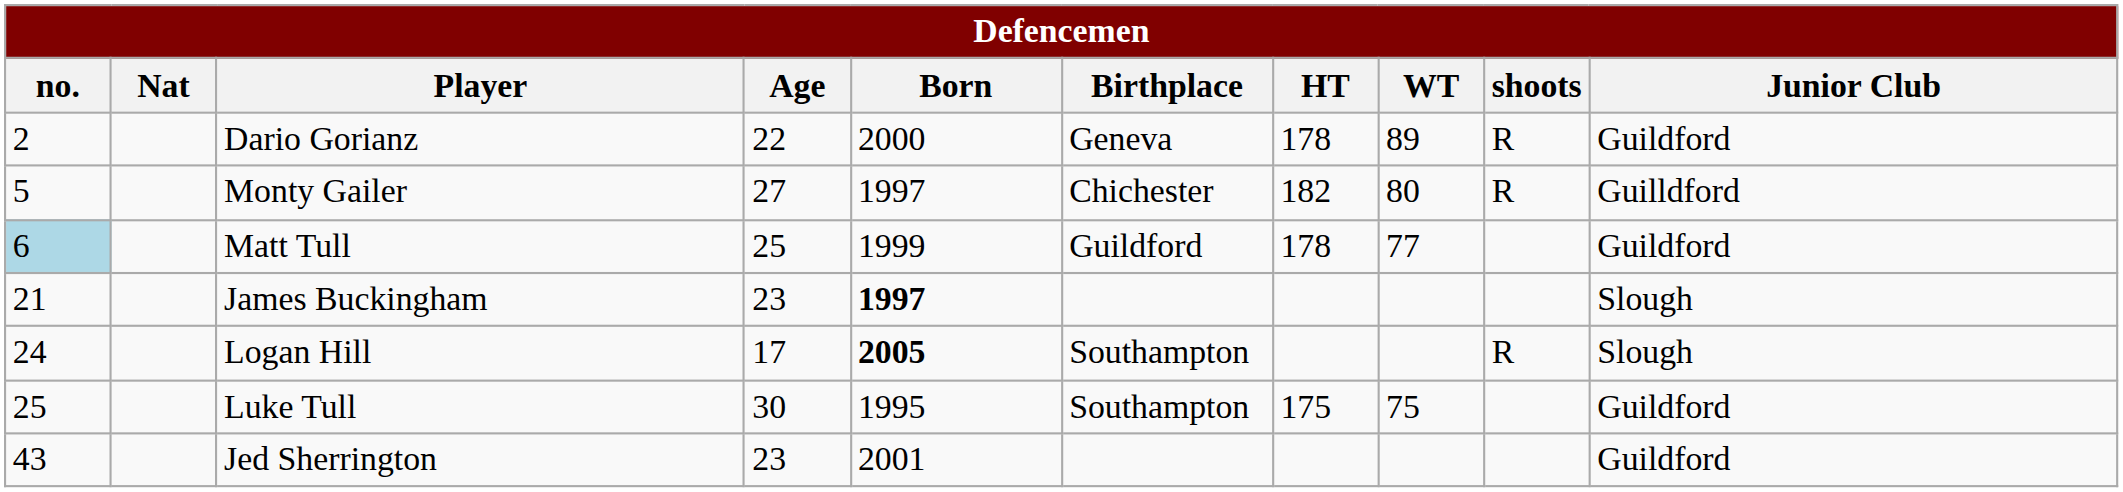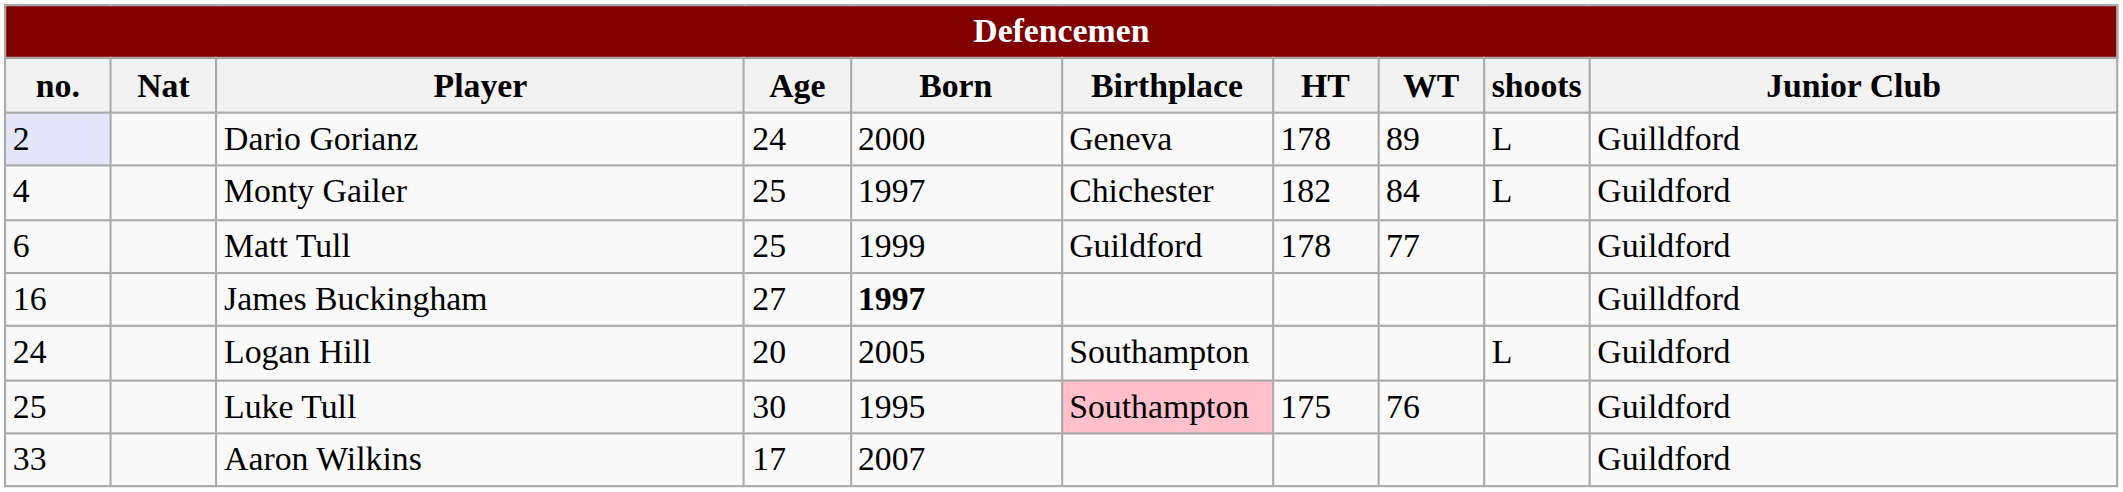 <table class="wikitable">
 <tr>
 <th colspan="10" style="background:#800000; color:white;”">Defencemen</th>
 </tr>
 <tr>
 <th width=5%>no.</th>
 <th width=5%>Nat</th>
 <th width=25%>Player</th>
 <th width=5%>Age</th>
 <th width=10%>Born</th>
 <th width=10%>Birthplace</th>
 <th width=5%>HT</th>
 <th width=5%>WT</th>
 <th width=5%>shoots</th>
 <th width=25%>Junior Club</th>
 </tr>
 <tr>
-<td>2</td>
+<td style="background: lavender;">2</td>
 <td></td>
 <td>Dario Gorianz</td>
-<td>22</td>
+<td>24</td>
 <td>2000</td>
 <td>Geneva</td>
 <td>178</td>
 <td>89</td>
-<td>R</td>
+<td>L</td>
+<td>Guilldford</td>
+</tr>
+<tr>
+<td>4</td>
+<td></td>
+<td>Monty Gailer</td>
+<td>25</td>
+<td>1997</td>
+<td>Chichester</td>
+<td>182</td>
+<td>84</td>
+<td>L</td>
 <td>Guildford</td>
 </tr>
 <tr>
-<td>5</td>
-<td></td>
-<td>Monty Gailer</td>
-<td>27</td>
-<td>1997</td>
-<td>Chichester</td>
-<td>182</td>
-<td>80</td>
-<td>R</td>
-<td>Guilldford</td>
-</tr>
-<tr>
-<td style="background: lightblue;">6</td>
+<td>6</td>
 <td></td>
 <td>Matt Tull</td>
 <td>25</td>
 <td>1999</td>
 <td>Guildford</td>
 <td>178</td>
 <td>77</td>
 <td></td>
 <td>Guildford</td>
 </tr>
 <tr>
-<td>21</td>
+<td>16</td>
 <td></td>
 <td>James Buckingham</td>
-<td>23</td>
+<td>27</td>
 <td><strong>1997</strong></td>
 <td></td>
 <td></td>
 <td></td>
 <td></td>
-<td>Slough</td>
+<td>Guilldford</td>
 </tr>
 <tr>
 <td>24</td>
 <td></td>
 <td>Logan Hill</td>
-<td>17</td>
-<td><strong>2005</strong></td>
+<td>20</td>
+<td>2005</td>
 <td>Southampton</td>
 <td></td>
 <td></td>
-<td>R</td>
-<td>Slough</td>
+<td>L</td>
+<td>Guildford</td>
 </tr>
 <tr>
 <td>25</td>
 <td></td>
 <td>Luke Tull</td>
 <td>30</td>
 <td>1995</td>
-<td>Southampton</td>
+<td style="background: pink;">Southampton</td>
 <td>175</td>
-<td>75</td>
+<td>76</td>
 <td></td>
 <td>Guildford</td>
 </tr>
 <tr>
-<td>43</td>
+<td>33</td>
 <td></td>
-<td>Jed Sherrington</td>
-<td>23</td>
-<td>2001</td>
+<td>Aaron Wilkins</td>
+<td>17</td>
+<td>2007</td>
 <td></td>
 <td></td>
 <td></td>
 <td></td>
 <td>Guildford</td>
 </tr>
 </table>
